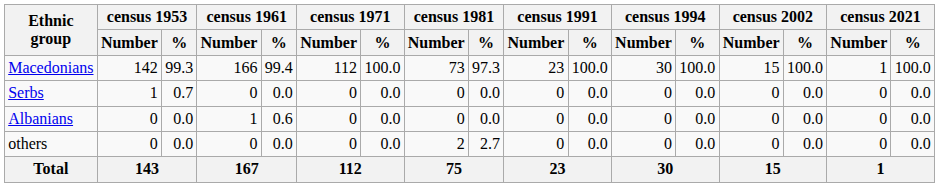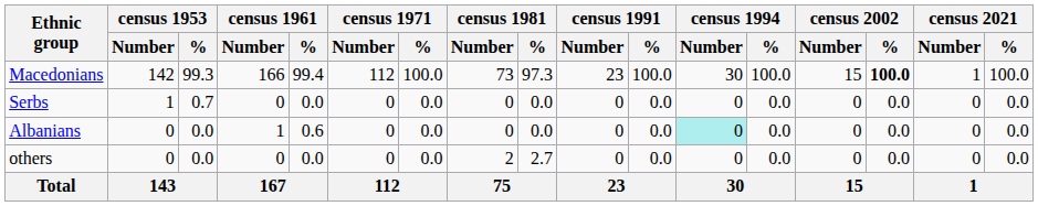 <table class="wikitable">
 <tr>
 <th rowspan="2">Ethnic<br>group</th>
 <th colspan="2">census 1953</th>
 <th colspan="2">census 1961</th>
 <th colspan="2">census 1971</th>
 <th colspan="2">census 1981</th>
 <th colspan="2">census 1991</th>
 <th colspan="2">census 1994</th>
 <th colspan="2">census 2002</th>
 <th colspan="2">census 2021</th>
 </tr>
 <tr bgcolor="#e0e0e0">
 <th>Number</th>
 <th>%</th>
 <th>Number</th>
 <th>%</th>
 <th>Number</th>
 <th>%</th>
 <th>Number</th>
 <th>%</th>
 <th>Number</th>
 <th>%</th>
 <th>Number</th>
 <th>%</th>
 <th>Number</th>
 <th>%</th>
 <th>Number</th>
 <th>%</th>
 </tr>
 <tr>
 <td><a href='#'>Macedonians</a></td>
 <td align="right">142</td>
 <td align="right">99.3</td>
 <td align="right">166</td>
 <td align="right">99.4</td>
 <td align="right">112</td>
 <td align="right">100.0</td>
 <td align="right">73</td>
 <td align="right">97.3</td>
 <td align="right">23</td>
 <td align="right">100.0</td>
 <td align="right">30</td>
 <td align="right">100.0</td>
 <td align="right">15</td>
-<td align="right">100.0</td>
+<td align="right"><strong>100.0</strong></td>
 <td align="right">1</td>
 <td align="right">100.0</td>
 </tr>
 <tr>
 <td><a href='#'>Serbs</a></td>
 <td align="right">1</td>
 <td align="right">0.7</td>
 <td align="right">0</td>
 <td align="right">0.0</td>
 <td align="right">0</td>
 <td align="right">0.0</td>
 <td align="right">0</td>
 <td align="right">0.0</td>
 <td align="right">0</td>
 <td align="right">0.0</td>
 <td align="right">0</td>
 <td align="right">0.0</td>
 <td align="right">0</td>
 <td align="right">0.0</td>
 <td align="right">0</td>
 <td align="right">0.0</td>
 </tr>
 <tr>
 <td><a href='#'>Albanians</a></td>
 <td align="right">0</td>
 <td align="right">0.0</td>
 <td align="right">1</td>
 <td align="right">0.6</td>
 <td align="right">0</td>
 <td align="right">0.0</td>
 <td align="right">0</td>
 <td align="right">0.0</td>
 <td align="right">0</td>
 <td align="right">0.0</td>
-<td align="right">0</td>
+<td align="right" style="background: paleturquoise;">0</td>
 <td align="right">0.0</td>
 <td align="right">0</td>
 <td align="right">0.0</td>
 <td align="right">0</td>
 <td align="right">0.0</td>
 </tr>
 <tr>
 <td>others</td>
 <td align="right">0</td>
 <td align="right">0.0</td>
 <td align="right">0</td>
 <td align="right">0.0</td>
 <td align="right">0</td>
 <td align="right">0.0</td>
 <td align="right">2</td>
 <td align="right">2.7</td>
 <td align="right">0</td>
 <td align="right">0.0</td>
 <td align="right">0</td>
 <td align="right">0.0</td>
 <td align="right">0</td>
 <td align="right">0.0</td>
 <td align="right">0</td>
 <td align="right">0.0</td>
 </tr>
 <tr bgcolor="#e0e0e0">
 <th align="left">Total</th>
 <th colspan="2">143</th>
 <th colspan="2">167</th>
 <th colspan="2">112</th>
 <th colspan="2">75</th>
 <th colspan="2">23</th>
 <th colspan="2">30</th>
 <th colspan="2">15</th>
 <th colspan="2">1</th>
 </tr>
 <tr>
 </tr>
 </table>
